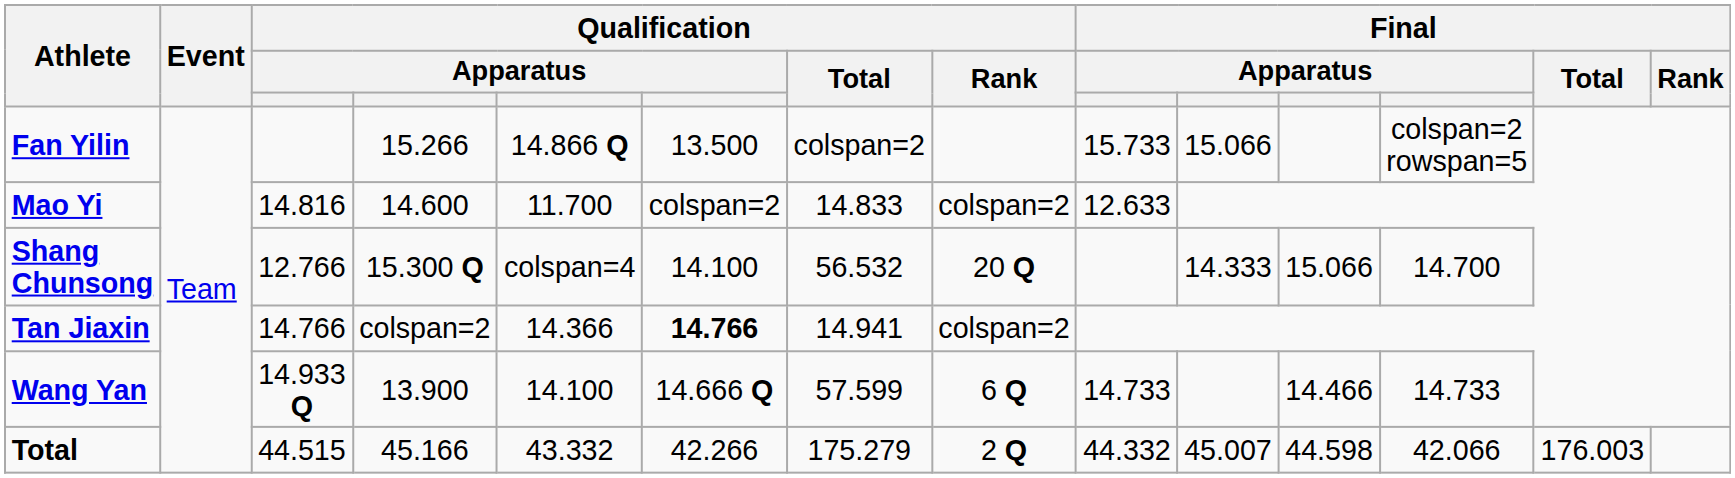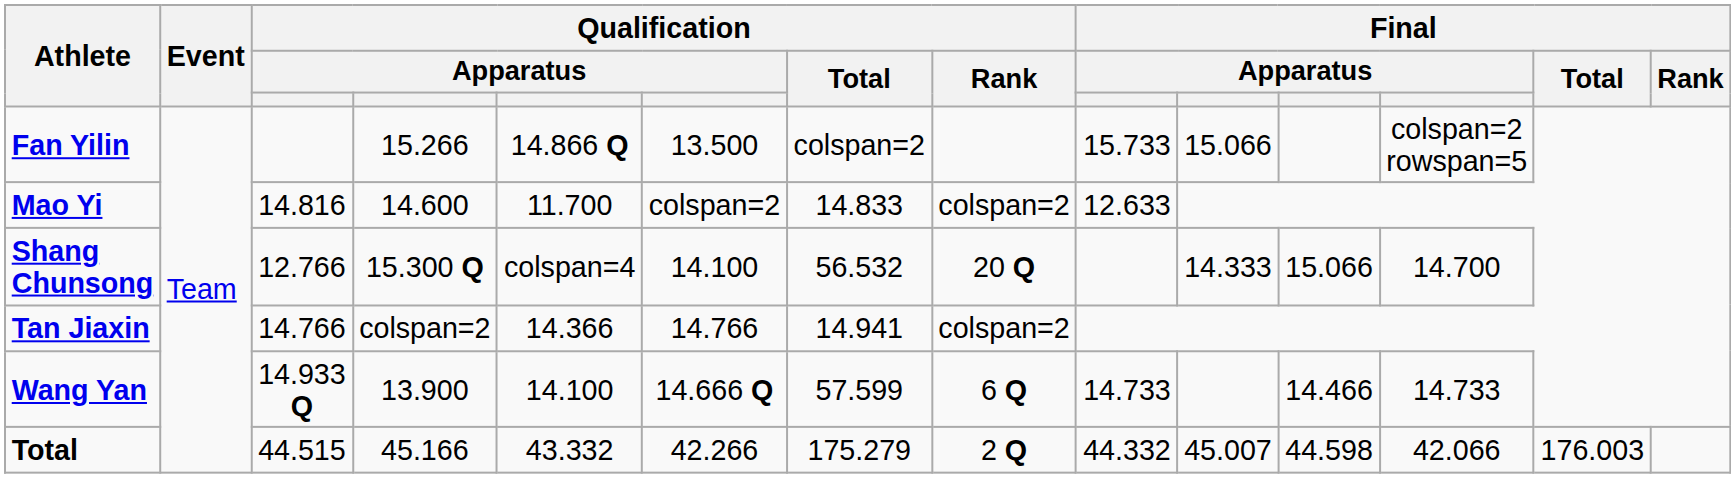 <table class="wikitable" style="font-size:90%">
 <tr>
 <th rowspan=3>Athlete</th>
 <th rowspan=3>Event</th>
 <th colspan=6>Qualification</th>
 <th colspan=6>Final</th>
 </tr>
 <tr style="font-size:95%">
 <th colspan=4>Apparatus</th>
 <th rowspan=2>Total</th>
 <th rowspan=2>Rank</th>
 <th colspan=4>Apparatus</th>
 <th rowspan=2>Total</th>
 <th rowspan=2>Rank</th>
 </tr>
 <tr style="font-size:95%">
 <th></th>
 <th></th>
 <th></th>
 <th></th>
 <th></th>
 <th></th>
 <th></th>
 <th></th>
 </tr>
 <tr align=center>
 <td align=left><strong><a href='#'>Fan Yilin</a></strong></td>
 <td align=left rowspan=6><a href='#'>Team</a></td>
 <td></td>
 <td>15.266</td>
 <td>14.866 <strong>Q</strong></td>
 <td>13.500</td>
 <td>colspan=2 </td>
 <td></td>
 <td>15.733</td>
 <td>15.066</td>
 <td></td>
 <td>colspan=2 rowspan=5 </td>
 </tr>
 <tr align=center>
 <td align=left><strong><a href='#'>Mao Yi</a></strong></td>
 <td>14.816</td>
 <td>14.600</td>
 <td>11.700</td>
 <td>colspan=2 </td>
 <td>14.833</td>
 <td>colspan=2 </td>
 <td>12.633</td>
 </tr>
 <tr align=center>
 <td align=left><strong><a href='#'>Shang Chunsong</a></strong></td>
 <td>12.766</td>
 <td>15.300 <strong>Q</strong></td>
 <td>colspan=4 </td>
 <td>14.100</td>
 <td>56.532</td>
 <td>20 <strong>Q</strong></td>
 <td></td>
 <td>14.333</td>
 <td>15.066</td>
 <td>14.700</td>
 </tr>
 <tr align=center>
 <td align=left><strong><a href='#'>Tan Jiaxin</a></strong></td>
 <td>14.766</td>
 <td>colspan=2 </td>
 <td>14.366</td>
-<td><strong>14.766</strong></td>
+<td>14.766</td>
 <td>14.941</td>
 <td>colspan=2 </td>
 </tr>
 <tr align=center>
 <td align=left><strong><a href='#'>Wang Yan</a></strong></td>
 <td>14.933 <strong>Q</strong></td>
 <td>13.900</td>
 <td>14.100</td>
 <td>14.666 <strong>Q</strong></td>
 <td>57.599</td>
 <td>6  <strong>Q</strong></td>
 <td>14.733</td>
 <td></td>
 <td>14.466</td>
 <td>14.733</td>
 </tr>
 <tr align=center>
 <td align=left><strong>Total</strong></td>
 <td>44.515</td>
 <td>45.166</td>
 <td>43.332</td>
 <td>42.266</td>
 <td>175.279</td>
 <td>2 <strong>Q</strong></td>
 <td>44.332</td>
 <td>45.007</td>
 <td>44.598</td>
 <td>42.066</td>
 <td>176.003</td>
 <td></td>
 </tr>
 </table>
